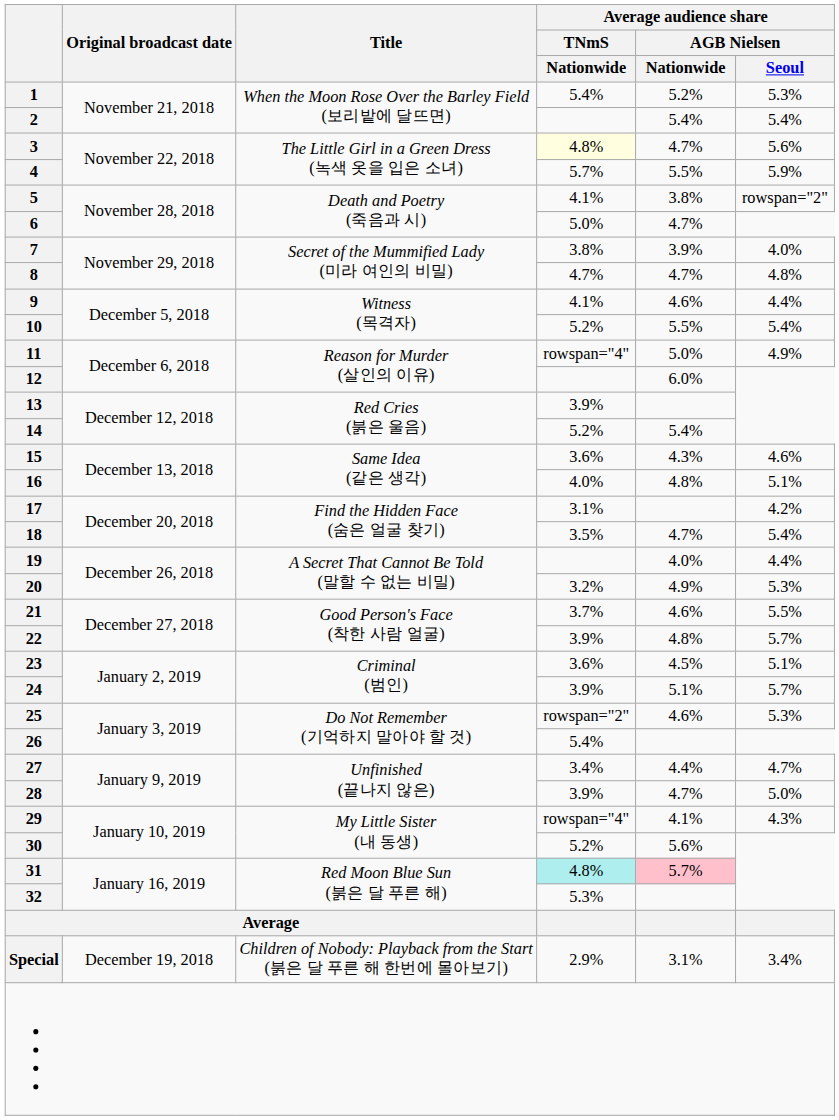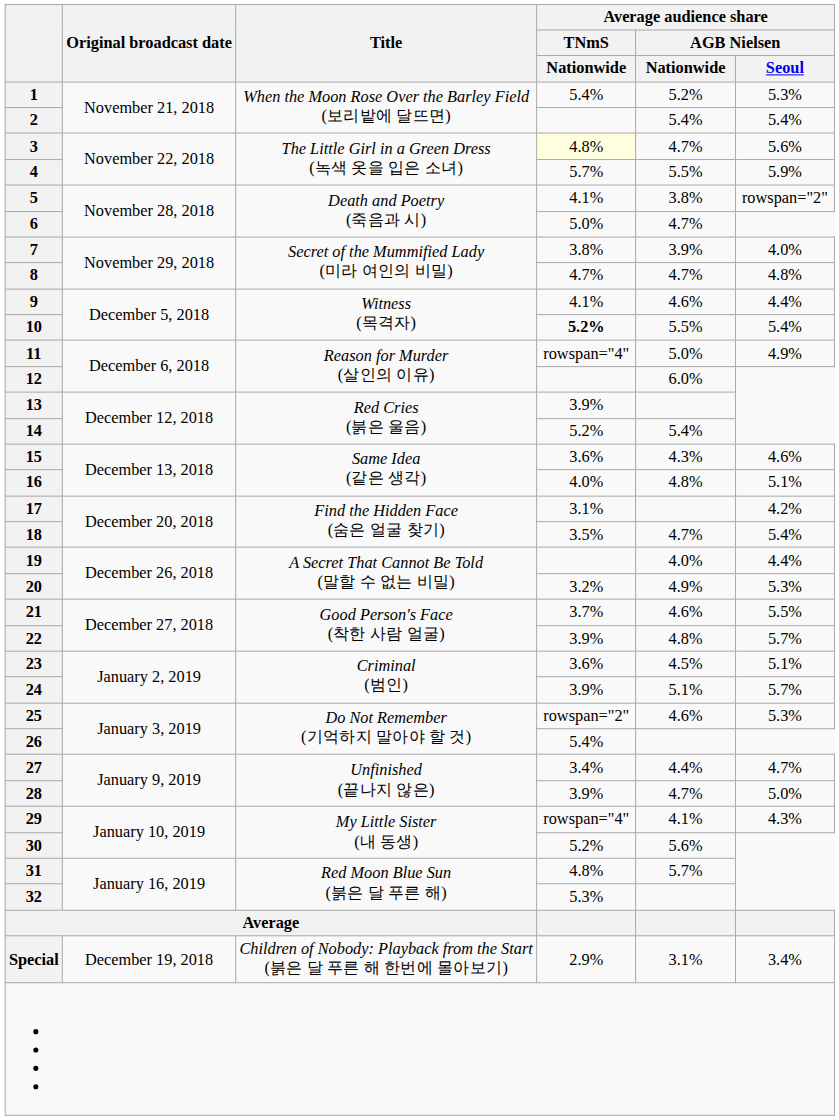 <table class="wikitable" style="text-align:center; margin-left: auto; margin-right: auto; border: none;">
 <tr>
 </tr>
 <tr>
 <th rowspan="3"></th>
 <th rowspan="3">Original broadcast date</th>
 <th rowspan="3">Title</th>
 <th colspan="3">Average audience share</th>
 </tr>
 <tr>
 <th colspan="1">TNmS</th>
 <th colspan="2">AGB Nielsen</th>
 </tr>
 <tr>
 <th width="90">Nationwide</th>
 <th width="90">Nationwide</th>
 <th width="90"><a href='#'>Seoul</a></th>
 </tr>
 <tr>
 <th>1</th>
 <td rowspan="2">November 21, 2018</td>
 <td rowspan="2"><em>When the Moon Rose Over the Barley Field</em><br>(보리밭에 달뜨면)</td>
 <td>5.4% </td>
 <td>5.2% </td>
 <td>5.3% </td>
 </tr>
 <tr>
 <th>2</th>
 <td> </td>
 <td>5.4% </td>
 <td>5.4% </td>
 </tr>
 <tr>
 <th>3</th>
 <td rowspan="2">November 22, 2018</td>
 <td rowspan="2"><em>The Little Girl in a Green Dress</em><br>(녹색 옷을 입은 소녀)</td>
 <td style="background: lightyellow;">4.8% </td>
 <td>4.7% </td>
 <td>5.6% </td>
 </tr>
 <tr>
 <th>4</th>
 <td>5.7% </td>
 <td>5.5% </td>
 <td>5.9% </td>
 </tr>
 <tr>
 <th>5</th>
 <td rowspan="2">November 28, 2018</td>
 <td rowspan="2"><em>Death and Poetry</em><br>(죽음과 시)</td>
 <td>4.1% </td>
 <td>3.8% </td>
 <td>rowspan="2" </td>
 </tr>
 <tr>
 <th>6</th>
 <td>5.0% </td>
 <td>4.7% </td>
 </tr>
 <tr>
 <th>7</th>
 <td rowspan="2">November 29, 2018</td>
 <td rowspan="2"><em>Secret of the Mummified Lady</em><br>(미라 여인의 비밀)</td>
 <td>3.8% </td>
 <td>3.9% </td>
 <td>4.0% </td>
 </tr>
 <tr>
 <th>8</th>
 <td>4.7% </td>
 <td>4.7% </td>
 <td>4.8% </td>
 </tr>
 <tr>
 <th>9</th>
 <td rowspan="2">December 5, 2018</td>
 <td rowspan="2"><em>Witness</em><br>(목격자)</td>
 <td>4.1% </td>
 <td>4.6% </td>
 <td>4.4% </td>
 </tr>
 <tr>
 <th>10</th>
-<td>5.2% </td>
+<td><strong>5.2% </strong></td>
 <td>5.5% </td>
 <td>5.4% </td>
 </tr>
 <tr>
 <th>11</th>
 <td rowspan="2">December 6, 2018</td>
 <td rowspan="2"><em>Reason for Murder</em><br>(살인의 이유)</td>
 <td>rowspan="4" </td>
 <td>5.0% </td>
 <td>4.9% </td>
 </tr>
 <tr>
 <th>12</th>
 <td> </td>
 <td>6.0% </td>
 </tr>
 <tr>
 <th>13</th>
 <td rowspan="2">December 12, 2018</td>
 <td rowspan="2"><em>Red Cries</em><br>(붉은 울음)</td>
 <td>3.9% </td>
 <td> </td>
 </tr>
 <tr>
 <th>14</th>
 <td>5.2% </td>
 <td>5.4% </td>
 </tr>
 <tr>
 <th>15</th>
 <td rowspan="2">December 13, 2018</td>
 <td rowspan="2"><em>Same Idea</em><br>(같은 생각)</td>
 <td>3.6% </td>
 <td>4.3% </td>
 <td>4.6% </td>
 </tr>
 <tr>
 <th>16</th>
 <td>4.0% </td>
 <td>4.8% </td>
 <td>5.1% </td>
 </tr>
 <tr>
 <th>17</th>
 <td rowspan="2">December 20, 2018</td>
 <td rowspan="2"><em>Find the Hidden Face</em><br>(숨은 얼굴 찾기)</td>
 <td>3.1% </td>
 <td> </td>
 <td>4.2% </td>
 </tr>
 <tr>
 <th>18</th>
 <td>3.5% </td>
 <td>4.7% </td>
 <td>5.4% </td>
 </tr>
 <tr>
 <th>19</th>
 <td rowspan="2">December 26, 2018</td>
 <td rowspan="2"><em>A Secret That Cannot Be Told</em><br>(말할 수 없는 비밀)</td>
 <td> </td>
 <td>4.0% </td>
 <td>4.4% </td>
 </tr>
 <tr>
 <th>20</th>
 <td>3.2% </td>
 <td>4.9% </td>
 <td>5.3% </td>
 </tr>
 <tr>
 <th>21</th>
 <td rowspan="2">December 27, 2018</td>
 <td rowspan="2"><em>Good Person's Face</em><br>(착한 사람 얼굴)</td>
 <td>3.7% </td>
 <td>4.6% </td>
 <td>5.5% </td>
 </tr>
 <tr>
 <th>22</th>
 <td>3.9% </td>
 <td>4.8% </td>
 <td>5.7% </td>
 </tr>
 <tr>
 <th>23</th>
 <td rowspan="2">January 2, 2019</td>
 <td rowspan="2"><em>Criminal</em><br>(범인)</td>
 <td>3.6% </td>
 <td>4.5% </td>
 <td>5.1% </td>
 </tr>
 <tr>
 <th>24</th>
 <td>3.9% </td>
 <td>5.1% </td>
 <td>5.7% </td>
 </tr>
 <tr>
 <th>25</th>
 <td rowspan="2">January 3, 2019</td>
 <td rowspan="2"><em>Do Not Remember</em><br>(기억하지 말아야 할 것)</td>
 <td>rowspan="2" </td>
 <td>4.6% </td>
 <td>5.3% </td>
 </tr>
 <tr>
 <th>26</th>
 <td>5.4% </td>
 <td> </td>
 </tr>
 <tr>
 <th>27</th>
 <td rowspan="2">January 9, 2019</td>
 <td rowspan="2"><em>Unfinished</em><br>(끝나지 않은)</td>
 <td>3.4% </td>
 <td>4.4% </td>
 <td>4.7% </td>
 </tr>
 <tr>
 <th>28</th>
 <td>3.9% </td>
 <td>4.7% </td>
 <td>5.0% </td>
 </tr>
 <tr>
 <th>29</th>
 <td rowspan="2">January 10, 2019</td>
 <td rowspan="2"><em>My Little Sister</em><br>(내 동생)</td>
 <td>rowspan="4" </td>
 <td>4.1% </td>
 <td>4.3% </td>
 </tr>
 <tr>
 <th>30</th>
 <td>5.2% </td>
 <td>5.6% </td>
 </tr>
 <tr>
 <th>31</th>
 <td rowspan="2">January 16, 2019</td>
 <td rowspan="2"><em>Red Moon Blue Sun</em><br>(붉은 달 푸른 해)</td>
-<td style="background: paleturquoise;">4.8% </td>
-<td style="background: pink;">5.7% </td>
+<td>4.8% </td>
+<td>5.7% </td>
 </tr>
 <tr>
 <th>32</th>
 <td>5.3% </td>
 <td> </td>
 </tr>
 <tr>
 <th colspan="3">Average</th>
 <th></th>
 <th></th>
 <th></th>
 </tr>
 <tr>
 <th>Special</th>
 <td>December 19, 2018</td>
 <td><em>Children of Nobody: Playback from the Start</em><br>(붉은 달 푸른 해 한번에 몰아보기)</td>
 <td>2.9%</td>
 <td>3.1%</td>
 <td>3.4%</td>
 </tr>
 <tr>
 <td colspan="6"><br><ul><li></li><li></li><li></li><li></li></ul></td>
 </tr>
 </table>
